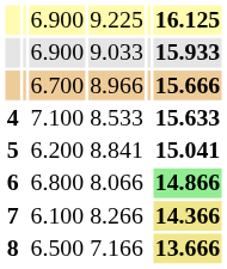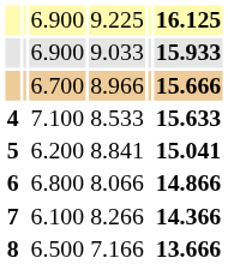 <table>
 <tr style="background:#fffcaf;">
 <th scope=row style="text-align:center"></th>
 <td style="text-align:left;"></td>
 <td>6.900</td>
 <td>9.225</td>
 <td></td>
 <td><strong>16.125</strong></td>
 </tr>
 <tr style="background:#e5e5e5;">
 <th scope=row style="text-align:center"></th>
 <td style="text-align:left;"></td>
 <td>6.900</td>
 <td>9.033</td>
 <td></td>
 <td><strong>15.933 </strong></td>
 </tr>
 <tr style="background:#ec9;">
 <th scope=row style="text-align:center"></th>
 <td style="text-align:left;"></td>
 <td>6.700</td>
 <td>8.966</td>
 <td></td>
 <td><strong>15.666</strong></td>
 </tr>
 <tr>
 <th scope=row style="text-align:center">4</th>
 <td style="text-align:left;"></td>
 <td>7.100</td>
 <td>8.533</td>
 <td></td>
 <td><strong>15.633</strong></td>
 </tr>
 <tr>
 <th scope=row style="text-align:center">5</th>
 <td style="text-align:left;"></td>
 <td>6.200</td>
 <td>8.841</td>
 <td></td>
 <td><strong>15.041</strong></td>
 </tr>
 <tr>
 <th scope=row style="text-align:center">6</th>
 <td style="text-align:left;"></td>
 <td>6.800</td>
 <td>8.066</td>
 <td></td>
-<td style="background: lightgreen;"><strong>14.866</strong></td>
+<td><strong>14.866</strong></td>
 </tr>
 <tr>
 <th scope=row style="text-align:center">7</th>
 <td style="text-align:left;"></td>
 <td>6.100</td>
 <td>8.266</td>
 <td></td>
-<td style="background: khaki;"><strong>14.366</strong></td>
+<td><strong>14.366</strong></td>
 </tr>
 <tr>
 <th scope=row style="text-align:center">8</th>
 <td style="text-align:left;"></td>
 <td>6.500</td>
 <td>7.166</td>
 <td></td>
-<td style="background: khaki;"><strong>13.666</strong></td>
+<td><strong>13.666</strong></td>
 </tr>
 </table>
